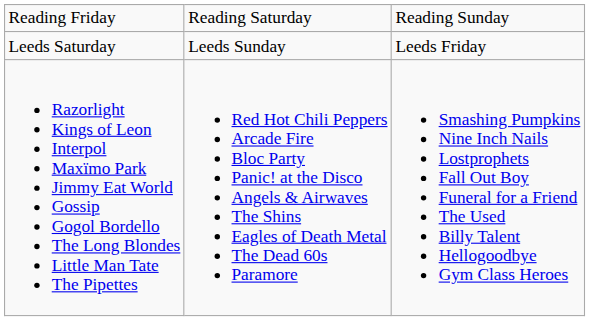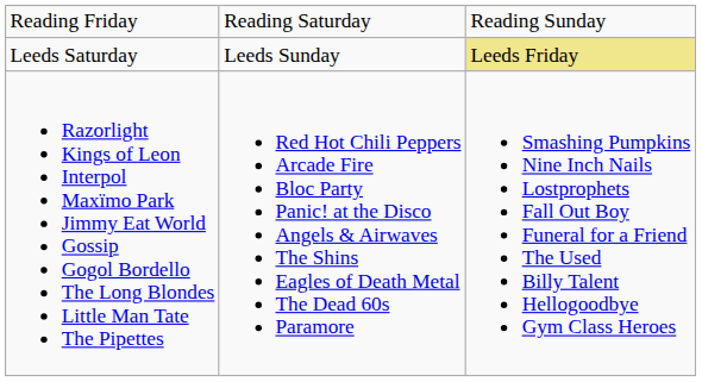 <table class="wikitable">
 <tr>
 <td>Reading Friday</td>
 <td>Reading Saturday</td>
 <td>Reading Sunday</td>
 </tr>
 <tr>
 <td>Leeds Saturday</td>
 <td>Leeds Sunday</td>
-<td>Leeds Friday</td>
+<td style="background: khaki;">Leeds Friday</td>
 </tr>
 <tr>
 <td><br><ul><li><a href='#'>Razorlight</a></li><li><a href='#'>Kings of Leon</a></li><li><a href='#'>Interpol</a></li><li><a href='#'>Maxïmo Park</a></li><li><a href='#'>Jimmy Eat World</a></li><li><a href='#'>Gossip</a></li><li><a href='#'>Gogol Bordello</a></li><li><a href='#'>The Long Blondes</a></li><li><a href='#'>Little Man Tate</a></li><li><a href='#'>The Pipettes</a></li></ul></td>
 <td><br><ul><li><a href='#'>Red Hot Chili Peppers</a></li><li><a href='#'>Arcade Fire</a></li><li><a href='#'>Bloc Party</a></li><li><a href='#'>Panic! at the Disco</a></li><li><a href='#'>Angels & Airwaves</a></li><li><a href='#'>The Shins</a></li><li><a href='#'>Eagles of Death Metal</a></li><li><a href='#'>The Dead 60s</a></li><li><a href='#'>Paramore</a></li></ul></td>
 <td><br><ul><li><a href='#'>Smashing Pumpkins</a></li><li><a href='#'>Nine Inch Nails</a></li><li><a href='#'>Lostprophets</a></li><li><a href='#'>Fall Out Boy</a></li><li><a href='#'>Funeral for a Friend</a></li><li><a href='#'>The Used</a></li><li><a href='#'>Billy Talent</a></li><li><a href='#'>Hellogoodbye</a></li><li><a href='#'>Gym Class Heroes</a></li></ul></td>
 </tr>
 </table>
